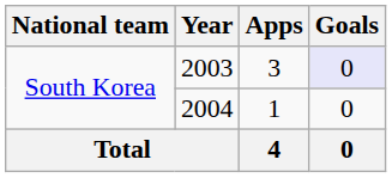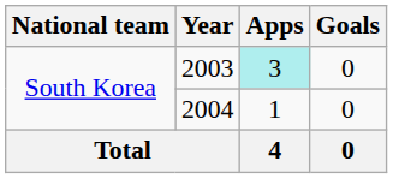 <table class="wikitable" style="text-align: center;">
 <tr>
 <th>National team</th>
 <th>Year</th>
 <th>Apps</th>
 <th>Goals</th>
 </tr>
 <tr>
 <td rowspan="2"><a href='#'>South Korea</a></td>
 <td>2003</td>
-<td>3</td>
-<td style="background: lavender;">0</td>
+<td style="background: paleturquoise;">3</td>
+<td>0</td>
 </tr>
 <tr>
 <td>2004</td>
 <td>1</td>
 <td>0</td>
 </tr>
 <tr>
 <th colspan="2">Total</th>
 <th>4</th>
 <th>0</th>
 </tr>
 </table>
